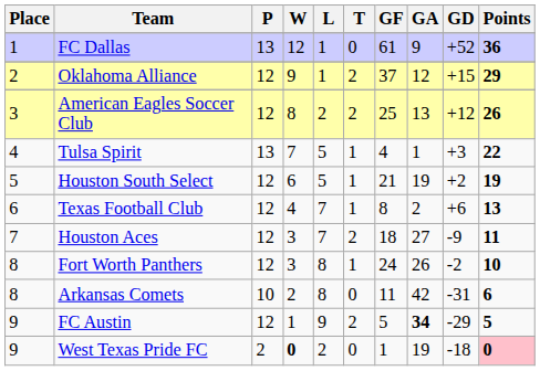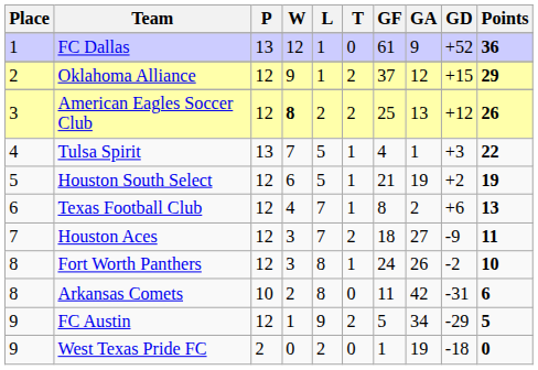 <table class="wikitable">
 <tr>
 <th>Place</th>
 <th width="170">Team</th>
 <th width="20">P</th>
 <th width="20">W</th>
 <th width="20">L</th>
 <th width="20">T</th>
 <th width="20">GF</th>
 <th width="20">GA</th>
 <th width="25">GD</th>
 <th>Points</th>
 </tr>
 <tr>
 </tr>
 <tr bgcolor=#ccccff>
 <td>1</td>
 <td><a href='#'>FC Dallas</a></td>
 <td>13</td>
 <td>12</td>
 <td>1</td>
 <td>0</td>
 <td>61</td>
 <td>9</td>
 <td>+52</td>
 <td><strong>36</strong></td>
 </tr>
 <tr>
 </tr>
 <tr bgcolor=#ffffaa>
 <td>2</td>
 <td><a href='#'>Oklahoma Alliance</a></td>
 <td>12</td>
 <td>9</td>
 <td>1</td>
 <td>2</td>
 <td>37</td>
 <td>12</td>
 <td>+15</td>
 <td><strong>29</strong></td>
 </tr>
 <tr>
 </tr>
 <tr bgcolor=#ffffaa>
 <td>3</td>
 <td><a href='#'>American Eagles Soccer Club</a></td>
 <td>12</td>
-<td>8</td>
+<td><strong>8</strong></td>
 <td>2</td>
 <td>2</td>
 <td>25</td>
 <td>13</td>
 <td>+12</td>
 <td><strong>26</strong></td>
 </tr>
 <tr>
 <td>4</td>
 <td><a href='#'>Tulsa Spirit</a></td>
 <td>13</td>
 <td>7</td>
 <td>5</td>
 <td>1</td>
 <td>4</td>
 <td>1</td>
 <td>+3</td>
 <td><strong>22</strong></td>
 </tr>
 <tr>
 <td>5</td>
 <td><a href='#'>Houston South Select</a></td>
 <td>12</td>
 <td>6</td>
 <td>5</td>
 <td>1</td>
 <td>21</td>
 <td>19</td>
 <td>+2</td>
 <td><strong>19</strong></td>
 </tr>
 <tr>
 <td>6</td>
 <td><a href='#'>Texas Football Club</a></td>
 <td>12</td>
 <td>4</td>
 <td>7</td>
 <td>1</td>
 <td>8</td>
 <td>2</td>
 <td>+6</td>
 <td><strong>13</strong></td>
 </tr>
 <tr>
 <td>7</td>
 <td><a href='#'>Houston Aces</a></td>
 <td>12</td>
 <td>3</td>
 <td>7</td>
 <td>2</td>
 <td>18</td>
 <td>27</td>
 <td>-9</td>
 <td><strong>11</strong></td>
 </tr>
 <tr>
 <td>8</td>
 <td><a href='#'>Fort Worth Panthers</a></td>
 <td>12</td>
 <td>3</td>
 <td>8</td>
 <td>1</td>
 <td>24</td>
 <td>26</td>
 <td>-2</td>
 <td><strong>10</strong></td>
 </tr>
 <tr>
 <td>8</td>
 <td><a href='#'>Arkansas Comets</a></td>
 <td>10</td>
 <td>2</td>
 <td>8</td>
 <td>0</td>
 <td>11</td>
 <td>42</td>
 <td>-31</td>
 <td><strong>6</strong></td>
 </tr>
 <tr>
 <td>9</td>
 <td><a href='#'>FC Austin</a></td>
 <td>12</td>
 <td>1</td>
 <td>9</td>
 <td>2</td>
 <td>5</td>
-<td><strong>34</strong></td>
+<td>34</td>
 <td>-29</td>
 <td><strong>5</strong></td>
 </tr>
 <tr>
 <td>9</td>
 <td><a href='#'>West Texas Pride FC</a></td>
 <td>2</td>
-<td><strong>0</strong></td>
+<td>0</td>
 <td>2</td>
 <td>0</td>
 <td>1</td>
 <td>19</td>
 <td>-18</td>
-<td style="background: pink;"><strong>0</strong></td>
+<td><strong>0</strong></td>
 </tr>
 </table>
